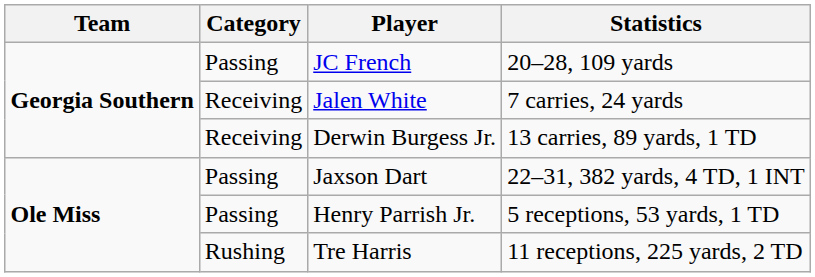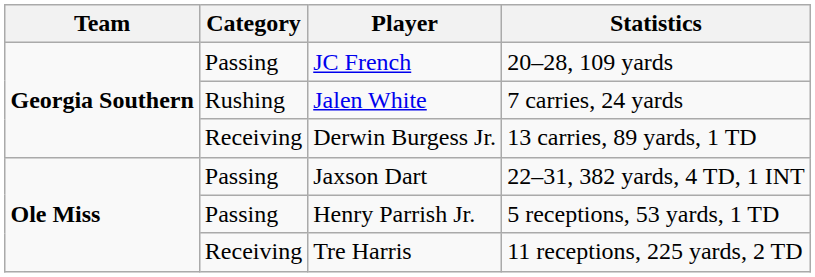 <table class="wikitable" style="float: right;">
 <tr>
 <th>Team</th>
 <th>Category</th>
 <th>Player</th>
 <th>Statistics</th>
 </tr>
 <tr>
 <td rowspan=3><strong>Georgia Southern</strong></td>
 <td>Passing</td>
 <td><a href='#'>JC French</a></td>
 <td>20–28, 109 yards</td>
 </tr>
 <tr>
-<td>Receiving</td>
+<td>Rushing</td>
 <td><a href='#'>Jalen White</a></td>
 <td>7 carries, 24 yards</td>
 </tr>
 <tr>
 <td>Receiving</td>
 <td>Derwin Burgess Jr.</td>
 <td>13 carries, 89 yards, 1 TD</td>
 </tr>
 <tr>
 <td rowspan=3><strong>Ole Miss</strong></td>
 <td>Passing</td>
 <td>Jaxson Dart</td>
 <td>22–31, 382 yards, 4 TD, 1 INT</td>
 </tr>
 <tr>
 <td>Passing</td>
 <td>Henry Parrish Jr.</td>
 <td>5 receptions, 53 yards, 1 TD</td>
 </tr>
 <tr>
-<td>Rushing</td>
+<td>Receiving</td>
 <td>Tre Harris</td>
 <td>11 receptions, 225 yards, 2 TD</td>
 </tr>
 </table>
